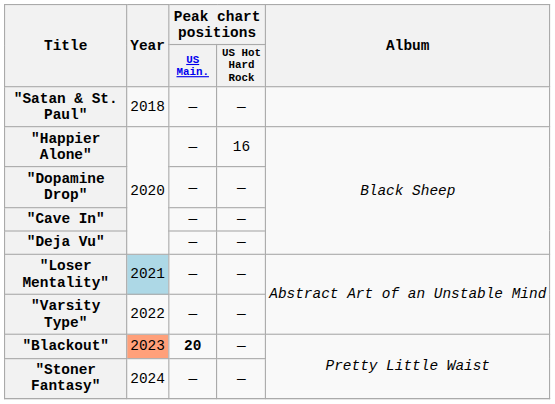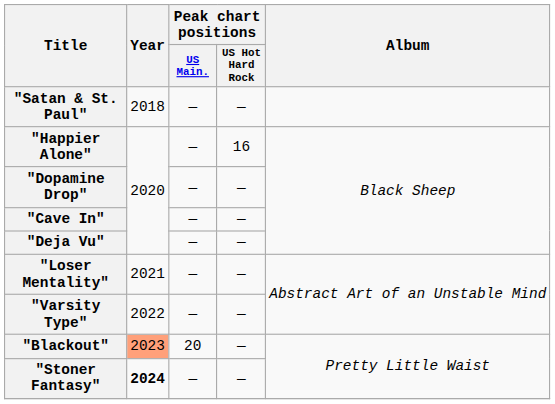 <table class="wikitable plainrowheaders" style="text-align:center;">
 <tr>
 <th scope="col" rowspan="2" style="width:8em;">Title</th>
 <th scope="col" rowspan="2">Year</th>
 <th scope="col" colspan="2">Peak chart positions</th>
 <th scope="col" rowspan="2">Album</th>
 </tr>
 <tr>
 <th style="width:4em;font-size:75%"><a href='#'>US<br>Main.</a><br></th>
 <th style="width:4em;font-size:75%">US Hot Hard Rock</th>
 </tr>
 <tr>
 <th scope="row">"Satan & St. Paul"</th>
 <td>2018</td>
 <td>—</td>
 <td>—</td>
 <td></td>
 </tr>
 <tr>
 <th scope="row">"Happier Alone" </th>
 <td rowspan="4">2020</td>
 <td>—</td>
 <td>16</td>
 <td rowspan="4"><em>Black Sheep</em></td>
 </tr>
 <tr>
 <th scope="row">"Dopamine Drop"</th>
 <td>—</td>
 <td>—</td>
 </tr>
 <tr>
 <th scope="row">"Cave In"</th>
 <td>—</td>
 <td>—</td>
 </tr>
 <tr>
 <th scope="row">"Deja Vu"</th>
 <td>—</td>
 <td>—</td>
 </tr>
 <tr>
 <th scope="row">"Loser Mentality"</th>
-<td style="background: lightblue;">2021</td>
+<td>2021</td>
 <td>—</td>
 <td>—</td>
 <td rowspan="2"><em>Abstract Art of an Unstable Mind</em></td>
 </tr>
 <tr>
 <th scope="row">"Varsity Type"</th>
 <td>2022</td>
 <td>—</td>
 <td>—</td>
 </tr>
 <tr>
 <th scope="row">"Blackout" </th>
 <td style="background: lightsalmon;">2023</td>
-<td><strong>20</strong></td>
+<td>20</td>
 <td>—</td>
 <td rowspan="2"><em>Pretty Little Waist</em></td>
 </tr>
 <tr>
 <th scope="row">"Stoner Fantasy"</th>
-<td>2024</td>
+<td><strong>2024</strong></td>
 <td>—</td>
 <td>—</td>
 </tr>
 <tr>
 </tr>
 </table>
